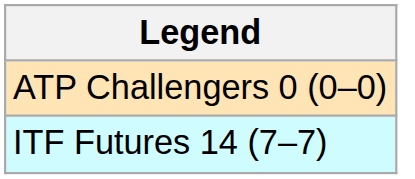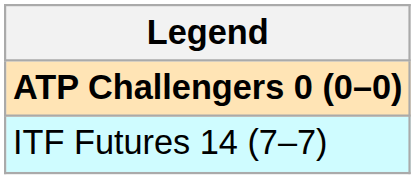 <table class=wikitable style=font-size:97%>
 <tr>
 <th>Legend</th>
 </tr>
 <tr style="background:moccasin;">
-<td>ATP Challengers 0 (0–0)</td>
+<td><strong>ATP Challengers 0 (0–0)</strong></td>
 </tr>
 <tr style="background:#cffcff;">
 <td>ITF Futures 14 (7–7)</td>
 </tr>
 </table>
